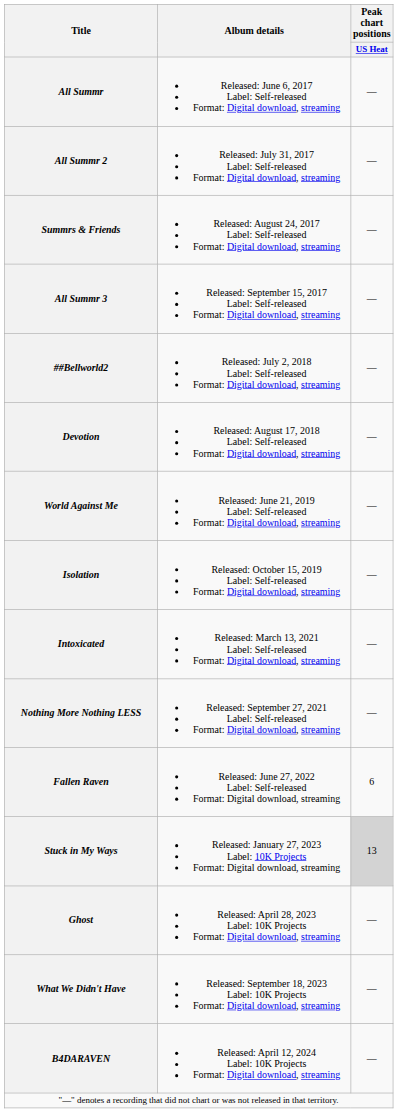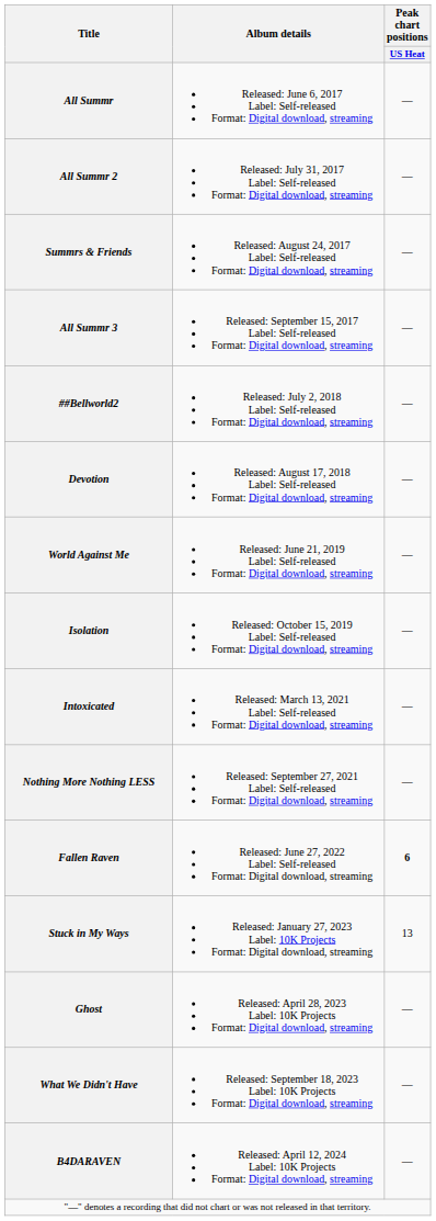 <table class="wikitable plainrowheaders" style="text-align:center;">
 <tr>
 <th scope="col" rowspan="2" style="width:15em;">Title</th>
 <th scope="col" rowspan="2" style="width:19em;">Album details</th>
 <th scope="col">Peak chart positions</th>
 </tr>
 <tr>
 <th style="width:3em; font-size:90%"><a href='#'>US Heat</a><br></th>
 </tr>
 <tr>
 <th scope="row"><em>All Summr</em></th>
 <td><br><ul><li>Released: June 6, 2017</li><li>Label: Self-released</li><li>Format: <a href='#'>Digital download</a>, <a href='#'>streaming</a></li></ul></td>
 <td>—</td>
 </tr>
 <tr>
 <th scope="row"><em>All Summr 2</em></th>
 <td><br><ul><li>Released: July 31, 2017</li><li>Label: Self-released</li><li>Format: <a href='#'>Digital download</a>, <a href='#'>streaming</a></li></ul></td>
 <td>—</td>
 </tr>
 <tr>
 <th scope="row"><em>Summrs & Friends</em></th>
 <td><br><ul><li>Released: August 24, 2017</li><li>Label: Self-released</li><li>Format: <a href='#'>Digital download</a>, <a href='#'>streaming</a></li></ul></td>
 <td>—</td>
 </tr>
 <tr>
 <th scope="row"><em>All Summr 3</em></th>
 <td><br><ul><li>Released: September 15, 2017</li><li>Label: Self-released</li><li>Format: <a href='#'>Digital download</a>, <a href='#'>streaming</a></li></ul></td>
 <td>—</td>
 </tr>
 <tr>
 <th scope="row"><em>##Bellworld2</em></th>
 <td><br><ul><li>Released: July 2, 2018</li><li>Label: Self-released</li><li>Format: <a href='#'>Digital download</a>, <a href='#'>streaming</a></li></ul></td>
 <td>—</td>
 </tr>
 <tr>
 <th scope="row"><em>Devotion</em></th>
 <td><br><ul><li>Released: August 17, 2018</li><li>Label: Self-released</li><li>Format: <a href='#'>Digital download</a>, <a href='#'>streaming</a></li></ul></td>
 <td>—</td>
 </tr>
 <tr>
 <th scope="row"><em>World Against Me</em></th>
 <td><br><ul><li>Released: June 21, 2019</li><li>Label: Self-released</li><li>Format: <a href='#'>Digital download</a>, <a href='#'>streaming</a></li></ul></td>
 <td>—</td>
 </tr>
 <tr>
 <th scope="row"><em>Isolation</em></th>
 <td><br><ul><li>Released: October 15, 2019</li><li>Label: Self-released</li><li>Format: <a href='#'>Digital download</a>, <a href='#'>streaming</a></li></ul></td>
 <td>—</td>
 </tr>
 <tr>
 <th scope="row"><em>Intoxicated</em></th>
 <td><br><ul><li>Released: March 13, 2021</li><li>Label: Self-released</li><li>Format: <a href='#'>Digital download</a>, <a href='#'>streaming</a></li></ul></td>
 <td>—</td>
 </tr>
 <tr>
 <th scope="row"><em>Nothing More Nothing LESS</em></th>
 <td><br><ul><li>Released: September 27, 2021</li><li>Label: Self-released</li><li>Format: <a href='#'>Digital download</a>, <a href='#'>streaming</a></li></ul></td>
 <td>—</td>
 </tr>
 <tr>
 <th scope="row"><em>Fallen Raven</em></th>
 <td><br><ul><li>Released: June 27, 2022</li><li>Label: Self-released</li><li>Format: Digital download, streaming</li></ul></td>
-<td>6</td>
+<td><strong>6</strong></td>
 </tr>
 <tr>
 <th scope="row"><em>Stuck in My Ways</em></th>
 <td><br><ul><li>Released: January 27, 2023</li><li>Label: <a href='#'>10K Projects</a></li><li>Format: Digital download, streaming</li></ul></td>
-<td style="background: lightgrey;">13</td>
+<td>13</td>
 </tr>
 <tr>
 <th scope="row"><em>Ghost</em></th>
 <td><br><ul><li>Released: April 28, 2023</li><li>Label: 10K Projects</li><li>Format: <a href='#'>Digital download</a>, <a href='#'>streaming</a></li></ul></td>
 <td>—</td>
 </tr>
 <tr>
 <th scope="row"><em>What We Didn't Have</em></th>
 <td><br><ul><li>Released: September 18, 2023</li><li>Label: 10K Projects</li><li>Format: <a href='#'>Digital download</a>, <a href='#'>streaming</a></li></ul></td>
 <td>—</td>
 </tr>
 <tr>
 <th scope="row"><em>B4DARAVEN</em></th>
 <td><br><ul><li>Released: April 12, 2024</li><li>Label: 10K Projects</li><li>Format: <a href='#'>Digital download</a>, <a href='#'>streaming</a></li></ul></td>
 <td>—</td>
 </tr>
 <tr>
 <td colspan="15" style="font-size:90%">"—" denotes a recording that did not chart or was not released in that territory.</td>
 </tr>
 </table>
